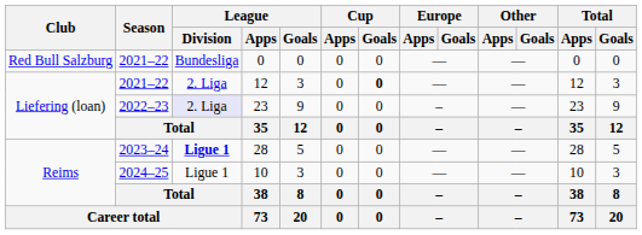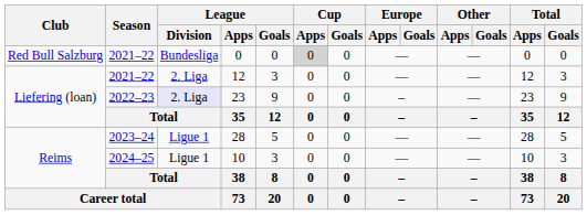 <table class="wikitable" style="text-align:center">
 <tr>
 <th rowspan="2">Club</th>
 <th rowspan="2">Season</th>
 <th colspan="3">League</th>
 <th colspan="2">Cup</th>
 <th colspan="2">Europe</th>
 <th colspan="2">Other</th>
 <th colspan="2">Total</th>
 </tr>
 <tr>
 <th>Division</th>
 <th>Apps</th>
 <th>Goals</th>
 <th>Apps</th>
 <th>Goals</th>
 <th>Apps</th>
 <th>Goals</th>
 <th>Apps</th>
 <th>Goals</th>
 <th>Apps</th>
 <th>Goals</th>
 </tr>
 <tr>
 <td><a href='#'>Red Bull Salzburg</a></td>
 <td><a href='#'>2021–22</a></td>
 <td rowspan="1"><a href='#'>Bundesliga</a></td>
 <td>0</td>
 <td>0</td>
-<td>0</td>
+<td style="background: lightgrey;">0</td>
 <td>0</td>
 <td colspan="2">—</td>
 <td colspan="2">—</td>
 <td>0</td>
 <td>0</td>
 </tr>
 <tr>
 <td rowspan="3"><a href='#'>Liefering</a> (loan)</td>
 <td><a href='#'>2021–22</a></td>
 <td><a href='#'>2. Liga</a></td>
 <td>12</td>
 <td>3</td>
 <td>0</td>
-<td><strong>0</strong></td>
+<td>0</td>
 <td colspan="2">—</td>
 <td colspan="2">—</td>
 <td>12</td>
 <td>3</td>
 </tr>
 <tr>
 <td><a href='#'>2022–23</a></td>
 <td style="background: lavender;">2. Liga</td>
 <td>23</td>
 <td>9</td>
 <td>0</td>
 <td>0</td>
 <td colspan="2">–</td>
 <td colspan="2">—</td>
 <td>23</td>
 <td>9</td>
 </tr>
 <tr>
 <th colspan="2">Total</th>
 <th>35</th>
 <th>12</th>
 <th>0</th>
 <th>0</th>
 <th colspan="2">–</th>
 <th colspan="2">–</th>
 <th>35</th>
 <th>12</th>
 </tr>
 <tr>
 <td rowspan="3"><a href='#'>Reims</a></td>
 <td><a href='#'>2023–24</a></td>
-<td><strong><a href='#'>Ligue 1</a></strong></td>
+<td><a href='#'>Ligue 1</a></td>
 <td>28</td>
 <td>5</td>
 <td>0</td>
 <td>0</td>
 <td colspan="2">—</td>
 <td colspan="2">—</td>
 <td>28</td>
 <td>5</td>
 </tr>
 <tr>
 <td><a href='#'>2024–25</a></td>
 <td>Ligue 1</td>
 <td>10</td>
 <td>3</td>
 <td>0</td>
 <td>0</td>
 <td colspan="2">—</td>
 <td colspan="2">—</td>
 <td>10</td>
 <td>3</td>
 </tr>
 <tr>
 <th colspan="2">Total</th>
 <th>38</th>
 <th>8</th>
 <th>0</th>
 <th>0</th>
 <th colspan="2">–</th>
 <th colspan="2">–</th>
 <th>38</th>
 <th>8</th>
 </tr>
 <tr>
 <th colspan="3">Career total</th>
 <th>73</th>
 <th>20</th>
 <th>0</th>
 <th>0</th>
 <th colspan="2">–</th>
 <th colspan="2">–</th>
 <th>73</th>
 <th>20</th>
 </tr>
 </table>
